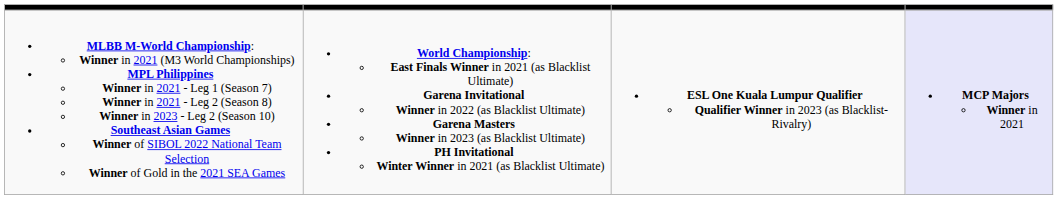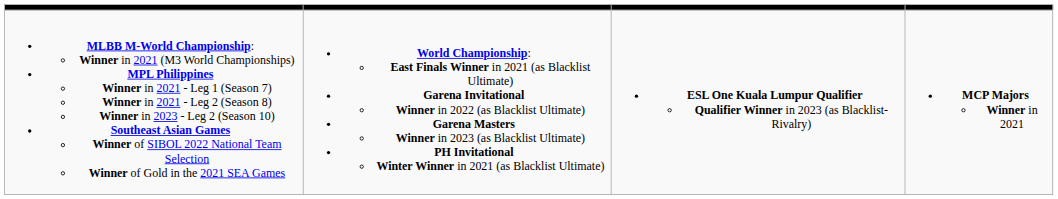 <table class="wikitable" style="text-align:center; font-size:90%; margin-left: auto; margin-right: auto;">
 <tr>
 <th style="background:#000000;"><a href='#'></a></th>
 <th style="background:#000000;"><a href='#'></a></th>
 <th style="background:#000000;"><a href='#'></a></th>
 <th style="background:#000000;"><a href='#'></a></th>
 </tr>
 <tr>
 <td><br><ul><li><a href='#'><strong>MLBB M-World Championship</strong></a>:<ul><li><strong>Winner</strong> in <a href='#'>2021</a> (M3 World Championships)</li></ul></li><li><strong><a href='#'>MPL Philippines</a></strong><ul><li><strong>Winner</strong> in <a href='#'>2021</a> - Leg 1 (Season 7)</li><li><strong>Winner</strong> in <a href='#'>2021</a> - Leg 2 (Season 8)</li><li><strong>Winner</strong> in <a href='#'>2023</a> - Leg 2 (Season 10)</li></ul></li><li><a href='#'><strong>Southeast Asian Games</strong></a><ul><li><strong>Winner</strong> of <a href='#'>SIBOL 2022 National Team Selection</a></li><li><strong>Winner</strong> of Gold in the <a href='#'>2021 SEA Games</a></li></ul></li></ul></td>
 <td><br><ul><li><a href='#'><strong>World Championship</strong></a>:<ul><li><strong>East Finals Winner</strong> in 2021 (as Blacklist Ultimate)</li></ul></li><li><strong>Garena Invitational</strong><ul><li><strong>Winner</strong> in 2022 (as Blacklist Ultimate)</li></ul></li><li><strong>Garena Masters</strong><ul><li><strong>Winner</strong> in 2023 (as Blacklist Ultimate)</li></ul></li><li><strong>PH Invitational</strong><ul><li><strong>Winter Winner</strong> in 2021 (as Blacklist Ultimate)</li></ul></li></ul></td>
 <td><br><ul><li><strong>ESL One Kuala Lumpur Qualifier</strong><ul><li><strong>Qualifier Winner</strong> in 2023 (as Blacklist-Rivalry)</li></ul></li></ul></td>
-<td style="background: lavender;"><br><ul><li><strong>MCP Majors</strong><ul><li><strong>Winner</strong> in 2021</li></ul></li></ul></td>
+<td><br><ul><li><strong>MCP Majors</strong><ul><li><strong>Winner</strong> in 2021</li></ul></li></ul></td>
 </tr>
 </table>
